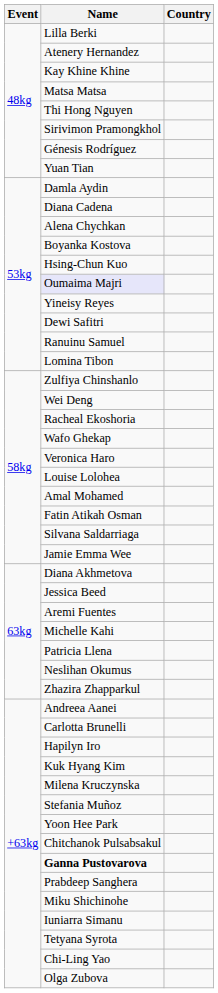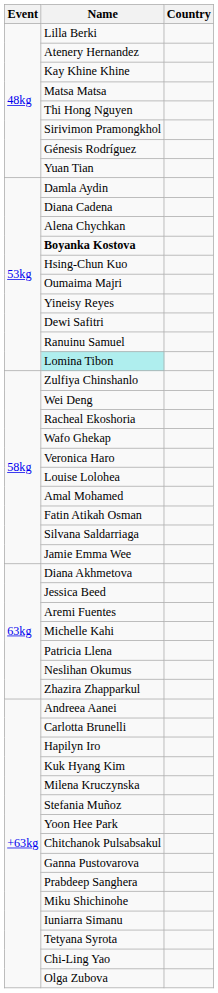 <table class="wikitable sortable">
 <tr>
 <th>Event</th>
 <th>Name</th>
 <th>Country</th>
 </tr>
 <tr>
 <td rowspan="8"><a href='#'>48kg</a></td>
 <td>Lilla Berki</td>
 <td></td>
 </tr>
 <tr>
 <td>Atenery Hernandez</td>
 <td></td>
 </tr>
 <tr>
 <td>Kay Khine Khine</td>
 <td></td>
 </tr>
 <tr>
 <td>Matsa Matsa</td>
 <td></td>
 </tr>
 <tr>
 <td>Thi Hong Nguyen</td>
 <td></td>
 </tr>
 <tr>
 <td>Sirivimon Pramongkhol</td>
 <td></td>
 </tr>
 <tr>
 <td>Génesis Rodríguez</td>
 <td></td>
 </tr>
 <tr>
 <td>Yuan Tian</td>
 <td></td>
 </tr>
 <tr>
 <td rowspan="10"><a href='#'>53kg</a></td>
 <td>Damla Aydin</td>
 <td></td>
 </tr>
 <tr>
 <td>Diana Cadena</td>
 <td></td>
 </tr>
 <tr>
 <td>Alena Chychkan</td>
 <td></td>
 </tr>
 <tr>
-<td>Boyanka Kostova</td>
+<td><strong>Boyanka Kostova</strong></td>
 <td></td>
 </tr>
 <tr>
 <td>Hsing-Chun Kuo</td>
 <td></td>
 </tr>
 <tr>
-<td style="background: lavender;">Oumaima Majri</td>
+<td>Oumaima Majri</td>
 <td></td>
 </tr>
 <tr>
 <td>Yineisy Reyes</td>
 <td></td>
 </tr>
 <tr>
 <td>Dewi Safitri</td>
 <td></td>
 </tr>
 <tr>
 <td>Ranuinu Samuel</td>
 <td></td>
 </tr>
 <tr>
-<td>Lomina Tibon</td>
+<td style="background: paleturquoise;">Lomina Tibon</td>
 <td></td>
 </tr>
 <tr>
 <td rowspan="10"><a href='#'>58kg</a></td>
 <td>Zulfiya Chinshanlo</td>
 <td></td>
 </tr>
 <tr>
 <td>Wei Deng</td>
 <td></td>
 </tr>
 <tr>
 <td>Racheal Ekoshoria</td>
 <td></td>
 </tr>
 <tr>
 <td>Wafo Ghekap</td>
 <td></td>
 </tr>
 <tr>
 <td>Veronica Haro</td>
 <td></td>
 </tr>
 <tr>
 <td>Louise Lolohea</td>
 <td></td>
 </tr>
 <tr>
 <td>Amal Mohamed</td>
 <td></td>
 </tr>
 <tr>
 <td>Fatin Atikah Osman</td>
 <td></td>
 </tr>
 <tr>
 <td>Silvana Saldarriaga</td>
 <td></td>
 </tr>
 <tr>
 <td>Jamie Emma Wee</td>
 <td></td>
 </tr>
 <tr>
 <td rowspan="7"><a href='#'>63kg</a></td>
 <td>Diana Akhmetova</td>
 <td></td>
 </tr>
 <tr>
 <td>Jessica Beed</td>
 <td></td>
 </tr>
 <tr>
 <td>Aremi Fuentes</td>
 <td></td>
 </tr>
 <tr>
 <td>Michelle Kahi</td>
 <td></td>
 </tr>
 <tr>
 <td>Patricia Llena</td>
 <td></td>
 </tr>
 <tr>
 <td>Neslihan Okumus</td>
 <td></td>
 </tr>
 <tr>
 <td>Zhazira Zhapparkul</td>
 <td></td>
 </tr>
 <tr>
 <td rowspan="15"><a href='#'>+63kg</a></td>
 <td>Andreea Aanei</td>
 <td></td>
 </tr>
 <tr>
 <td>Carlotta Brunelli</td>
 <td></td>
 </tr>
 <tr>
 <td>Hapilyn Iro</td>
 <td></td>
 </tr>
 <tr>
 <td>Kuk Hyang Kim</td>
 <td></td>
 </tr>
 <tr>
 <td>Milena Kruczynska</td>
 <td></td>
 </tr>
 <tr>
 <td>Stefania Muñoz</td>
 <td></td>
 </tr>
 <tr>
 <td>Yoon Hee Park</td>
 <td></td>
 </tr>
 <tr>
 <td>Chitchanok Pulsabsakul</td>
 <td></td>
 </tr>
 <tr>
-<td><strong>Ganna Pustovarova</strong></td>
+<td>Ganna Pustovarova</td>
 <td></td>
 </tr>
 <tr>
 <td>Prabdeep Sanghera</td>
 <td></td>
 </tr>
 <tr>
 <td>Miku Shichinohe</td>
 <td></td>
 </tr>
 <tr>
 <td>Iuniarra Simanu</td>
 <td></td>
 </tr>
 <tr>
 <td>Tetyana Syrota</td>
 <td></td>
 </tr>
 <tr>
 <td>Chi-Ling Yao</td>
 <td></td>
 </tr>
 <tr>
 <td>Olga Zubova</td>
 <td></td>
 </tr>
 </table>
